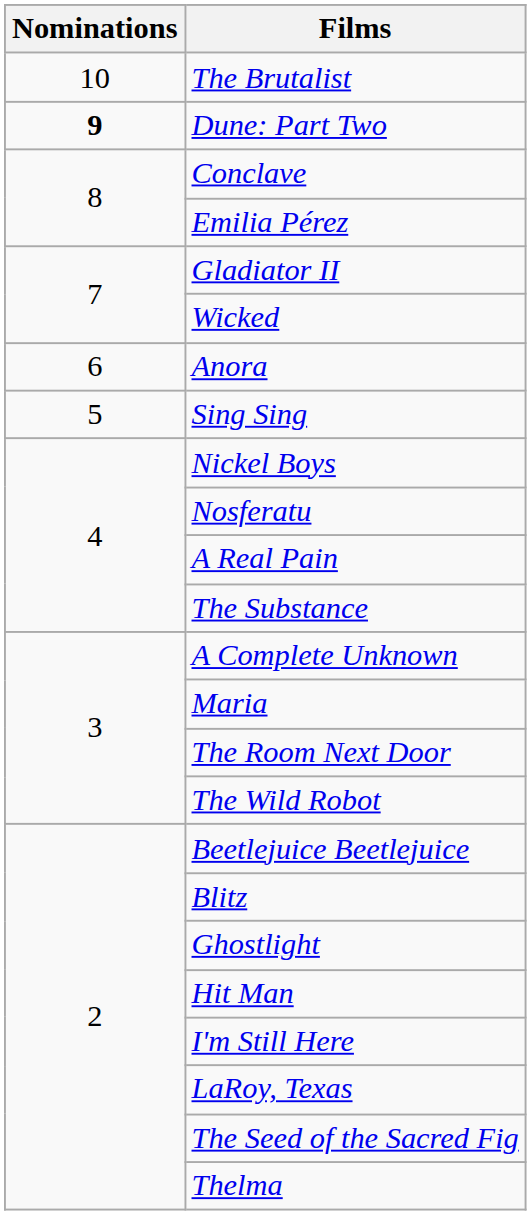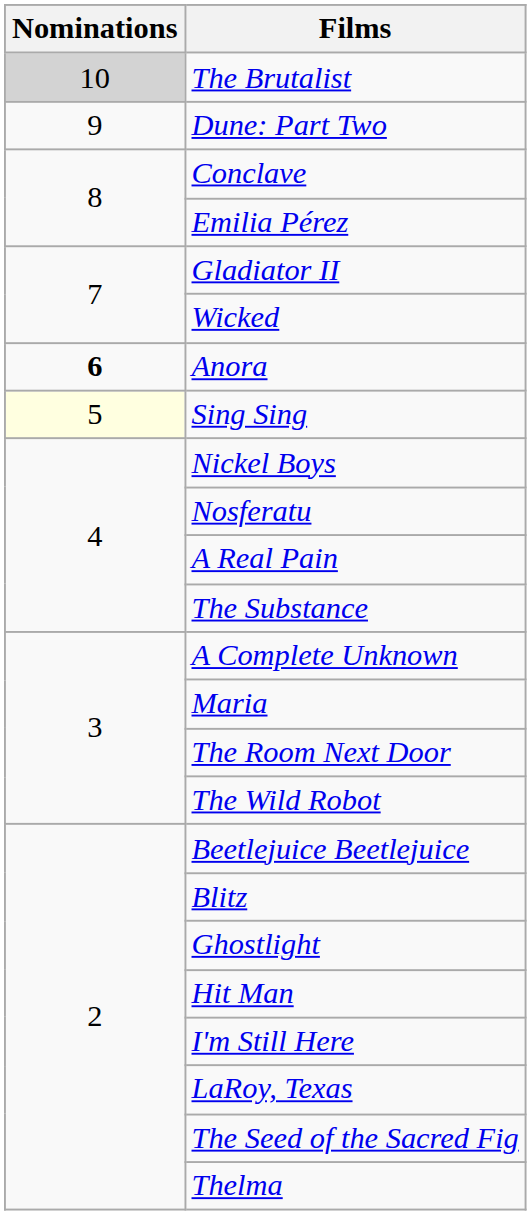 <table class="wikitable">
 <tr>
 <th>Nominations</th>
 <th>Films</th>
 </tr>
 <tr>
-<td style="text-align:center">10</td>
+<td style="background: lightgrey; text-align:center">10</td>
 <td><em><a href='#'>The Brutalist</a></em></td>
 </tr>
 <tr>
-<td style="text-align:center"><strong>9</strong></td>
+<td style="text-align:center">9</td>
 <td><em><a href='#'>Dune: Part Two</a></em></td>
 </tr>
 <tr>
 <td rowspan="2" style="text-align:center">8</td>
 <td><em><a href='#'>Conclave</a></em></td>
 </tr>
 <tr>
 <td><em><a href='#'>Emilia Pérez</a></em></td>
 </tr>
 <tr>
 <td rowspan="2" style="text-align:center">7</td>
 <td><em><a href='#'>Gladiator II</a></em></td>
 </tr>
 <tr>
 <td><em><a href='#'>Wicked</a></em></td>
 </tr>
 <tr>
-<td style="text-align:center">6</td>
+<td style="text-align:center"><strong>6</strong></td>
 <td><em><a href='#'>Anora</a></em></td>
 </tr>
 <tr>
-<td style="text-align:center">5</td>
+<td style="background: lightyellow; text-align:center">5</td>
 <td><em><a href='#'>Sing Sing</a></em></td>
 </tr>
 <tr>
 <td rowspan="4" style="text-align:center">4</td>
 <td><em><a href='#'>Nickel Boys</a></em></td>
 </tr>
 <tr>
 <td><em><a href='#'> Nosferatu</a></em></td>
 </tr>
 <tr>
 <td><em><a href='#'>A Real Pain</a></em></td>
 </tr>
 <tr>
 <td><em><a href='#'>The Substance</a></em></td>
 </tr>
 <tr>
 <td rowspan="4" style="text-align:center">3</td>
 <td><em><a href='#'>A Complete Unknown</a></em></td>
 </tr>
 <tr>
 <td><em><a href='#'>Maria</a></em></td>
 </tr>
 <tr>
 <td><em><a href='#'>The Room Next Door</a></em></td>
 </tr>
 <tr>
 <td><em><a href='#'>The Wild Robot</a></em></td>
 </tr>
 <tr>
 <td rowspan="8" style="text-align:center">2</td>
 <td><em><a href='#'>Beetlejuice Beetlejuice</a></em></td>
 </tr>
 <tr>
 <td><em><a href='#'>Blitz</a></em></td>
 </tr>
 <tr>
 <td><em><a href='#'>Ghostlight</a></em></td>
 </tr>
 <tr>
 <td><em><a href='#'>Hit Man</a></em></td>
 </tr>
 <tr>
 <td><em><a href='#'>I'm Still Here</a></em></td>
 </tr>
 <tr>
 <td><em><a href='#'>LaRoy, Texas</a></em></td>
 </tr>
 <tr>
 <td><em><a href='#'>The Seed of the Sacred Fig</a></em></td>
 </tr>
 <tr>
 <td><em><a href='#'>Thelma</a></em></td>
 </tr>
 </table>
